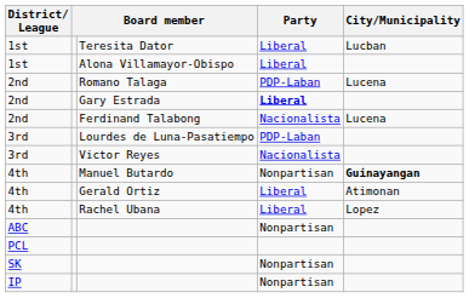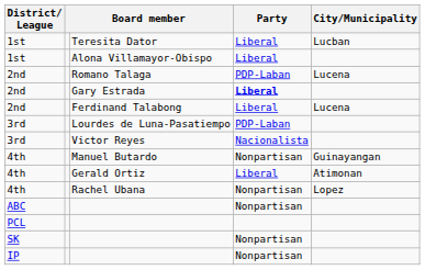 <table class="wikitable">
 <tr>
 <th>District/<br>League</th>
 <th colspan="2">Board member</th>
 <th>Party</th>
 <th>City/Municipality</th>
 </tr>
 <tr>
 <td>1st</td>
 <td></td>
 <td>Teresita Dator</td>
 <td><a href='#'>Liberal</a></td>
 <td>Lucban</td>
 </tr>
 <tr>
 <td>1st</td>
 <td></td>
 <td>Alona Villamayor-Obispo</td>
 <td><a href='#'>Liberal</a></td>
 <td></td>
 </tr>
 <tr>
 <td>2nd</td>
 <td></td>
 <td>Romano Talaga</td>
 <td><a href='#'>PDP-Laban</a></td>
 <td>Lucena</td>
 </tr>
 <tr>
 <td>2nd</td>
 <td></td>
 <td>Gary Estrada</td>
 <td><strong><a href='#'>Liberal</a></strong></td>
 <td></td>
 </tr>
 <tr>
 <td>2nd</td>
 <td></td>
 <td>Ferdinand Talabong</td>
-<td><a href='#'>Nacionalista</a></td>
+<td><a href='#'>Liberal</a></td>
 <td>Lucena</td>
 </tr>
 <tr>
 <td>3rd</td>
 <td></td>
 <td>Lourdes de Luna-Pasatiempo</td>
 <td><a href='#'>PDP-Laban</a></td>
 <td></td>
 </tr>
 <tr>
 <td>3rd</td>
 <td></td>
 <td>Victor Reyes</td>
 <td><a href='#'>Nacionalista</a></td>
 <td></td>
 </tr>
 <tr>
 <td>4th</td>
 <td></td>
 <td>Manuel Butardo</td>
 <td>Nonpartisan</td>
-<td><strong>Guinayangan</strong></td>
+<td>Guinayangan</td>
 </tr>
 <tr>
 <td>4th</td>
 <td></td>
 <td>Gerald Ortiz</td>
 <td><a href='#'>Liberal</a></td>
 <td>Atimonan</td>
 </tr>
 <tr>
 <td>4th</td>
 <td></td>
 <td>Rachel Ubana</td>
-<td><a href='#'>Liberal</a></td>
+<td>Nonpartisan</td>
 <td>Lopez</td>
 </tr>
 <tr>
 <td><a href='#'>ABC</a></td>
 <td></td>
 <td></td>
 <td>Nonpartisan</td>
 <td></td>
 </tr>
 <tr>
 <td><a href='#'>PCL</a></td>
 <td></td>
 <td></td>
 <td></td>
 <td></td>
 </tr>
 <tr>
 <td><a href='#'>SK</a></td>
 <td></td>
 <td></td>
 <td>Nonpartisan</td>
 <td></td>
 </tr>
 <tr>
 <td><a href='#'>IP</a></td>
 <td></td>
 <td></td>
 <td>Nonpartisan</td>
 <td></td>
 </tr>
 </table>
